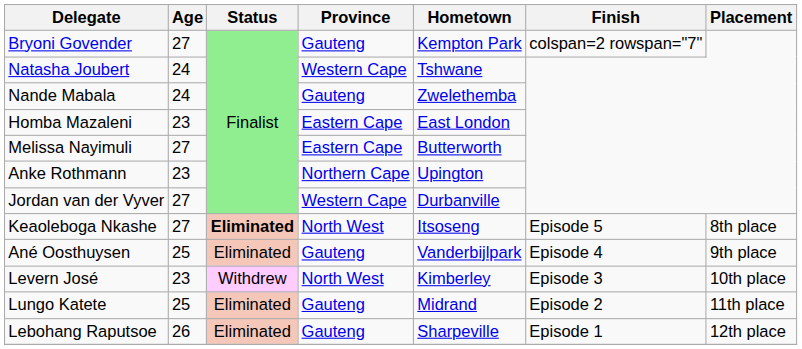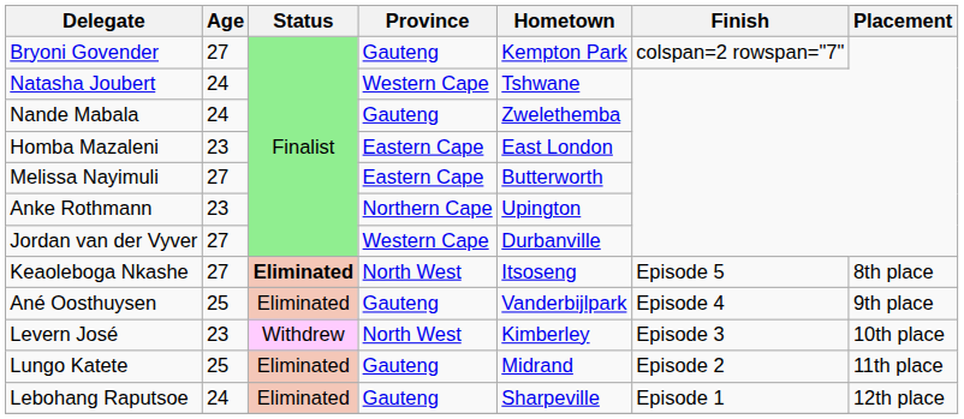 <table class="wikitable sortable">
 <tr>
 <th>Delegate</th>
 <th>Age</th>
 <th>Status</th>
 <th>Province</th>
 <th>Hometown</th>
 <th>Finish</th>
 <th>Placement</th>
 </tr>
 <tr>
 <td><a href='#'>Bryoni Govender</a></td>
 <td>27</td>
 <td rowspan=7 align=center style="background:lightgreen;">Finalist</td>
 <td><a href='#'>Gauteng</a></td>
 <td><a href='#'>Kempton Park</a></td>
 <td>colspan=2 rowspan="7" </td>
 </tr>
 <tr>
 <td><a href='#'>Natasha Joubert</a></td>
 <td>24</td>
 <td><a href='#'>Western Cape</a></td>
 <td><a href='#'>Tshwane</a></td>
 </tr>
 <tr>
 <td>Nande Mabala</td>
 <td>24</td>
 <td><a href='#'>Gauteng</a></td>
 <td><a href='#'>Zwelethemba</a></td>
 </tr>
 <tr>
 <td>Homba Mazaleni</td>
 <td>23</td>
 <td><a href='#'>Eastern Cape</a></td>
 <td><a href='#'>East London</a></td>
 </tr>
 <tr>
 <td>Melissa Nayimuli</td>
 <td>27</td>
 <td><a href='#'>Eastern Cape</a></td>
 <td><a href='#'>Butterworth</a></td>
 </tr>
 <tr>
 <td>Anke Rothmann</td>
 <td>23</td>
 <td><a href='#'>Northern Cape</a></td>
 <td><a href='#'>Upington</a></td>
 </tr>
 <tr>
 <td>Jordan van der Vyver</td>
 <td>27</td>
 <td><a href='#'>Western Cape</a></td>
 <td><a href='#'>Durbanville</a></td>
 </tr>
 <tr>
 <td>Keaoleboga Nkashe</td>
 <td>27</td>
 <td align=center style="background:#f4c7b8;"><strong>Eliminated</strong></td>
 <td><a href='#'>North West</a></td>
 <td><a href='#'>Itsoseng</a></td>
 <td>Episode 5</td>
 <td>8th place</td>
 </tr>
 <tr>
 <td>Ané Oosthuysen</td>
 <td>25</td>
 <td align=center style="background:#f4c7b8;">Eliminated</td>
 <td><a href='#'>Gauteng</a></td>
 <td><a href='#'>Vanderbijlpark</a></td>
 <td>Episode 4</td>
 <td>9th place</td>
 </tr>
 <tr>
 <td>Levern José</td>
 <td>23</td>
 <td align=center style="background:#FCF;">Withdrew</td>
 <td><a href='#'>North West</a></td>
 <td><a href='#'>Kimberley</a></td>
 <td>Episode 3</td>
 <td>10th place</td>
 </tr>
 <tr>
 <td>Lungo Katete</td>
 <td>25</td>
 <td align=center style="background:#f4c7b8;">Eliminated</td>
 <td><a href='#'>Gauteng</a></td>
 <td><a href='#'>Midrand</a></td>
 <td>Episode 2</td>
 <td>11th place</td>
 </tr>
 <tr>
 <td>Lebohang Raputsoe</td>
-<td>26</td>
+<td>24</td>
 <td align=center style="background:#f4c7b8;">Eliminated</td>
 <td><a href='#'>Gauteng</a></td>
 <td><a href='#'>Sharpeville</a></td>
 <td>Episode 1</td>
 <td>12th place</td>
 </tr>
 <tr>
 </tr>
 </table>
